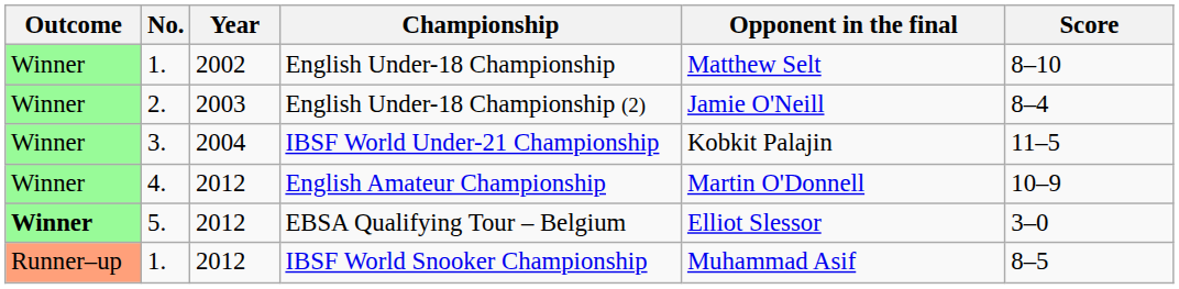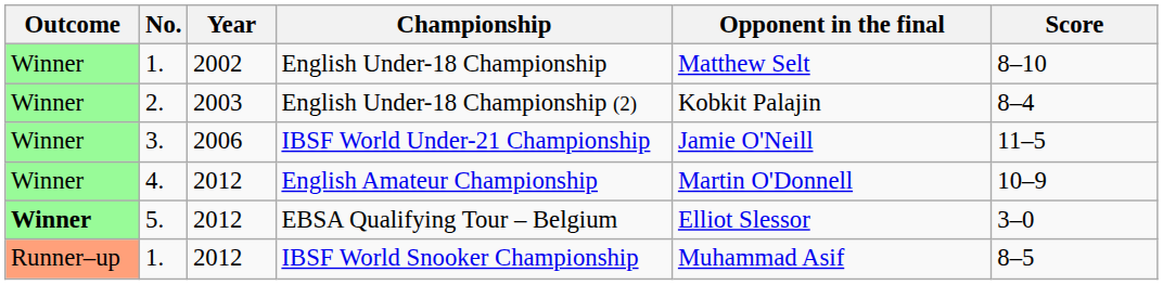 <table class="sortable wikitable">
 <tr>
 <th width="80">Outcome</th>
 <th width="20">No.</th>
 <th width="50">Year</th>
 <th width="250">Championship</th>
 <th width="200">Opponent in the final</th>
 <th width="100">Score</th>
 </tr>
 <tr>
 <td style="background:#98FB98">Winner</td>
 <td>1.</td>
 <td>2002</td>
 <td>English Under-18 Championship</td>
 <td> <a href='#'>Matthew Selt</a></td>
 <td>8–10</td>
 </tr>
 <tr>
 <td style="background:#98FB98">Winner</td>
 <td>2.</td>
 <td>2003</td>
 <td>English Under-18 Championship <small>(2)</small></td>
-<td> <a href='#'>Jamie O'Neill</a></td>
+<td> Kobkit Palajin</td>
 <td>8–4</td>
 </tr>
 <tr>
 <td style="background:#98FB98;">Winner</td>
 <td>3.</td>
-<td>2004</td>
+<td>2006</td>
 <td><a href='#'>IBSF World Under-21 Championship</a></td>
-<td> Kobkit Palajin</td>
+<td> <a href='#'>Jamie O'Neill</a></td>
 <td>11–5</td>
 </tr>
 <tr>
 <td style="background:#98FB98;">Winner</td>
 <td>4.</td>
 <td>2012</td>
 <td><a href='#'>English Amateur Championship</a></td>
 <td> <a href='#'>Martin O'Donnell</a></td>
 <td>10–9</td>
 </tr>
 <tr>
 <td style="background:#98FB98;"><strong>Winner</strong></td>
 <td>5.</td>
 <td>2012</td>
 <td>EBSA Qualifying Tour – Belgium</td>
 <td> <a href='#'>Elliot Slessor</a></td>
 <td>3–0</td>
 </tr>
 <tr>
 <td style="background:#FFA07A">Runner–up</td>
 <td>1.</td>
 <td>2012</td>
 <td><a href='#'>IBSF World Snooker Championship</a></td>
 <td> <a href='#'>Muhammad Asif</a></td>
 <td>8–5</td>
 </tr>
 </table>
